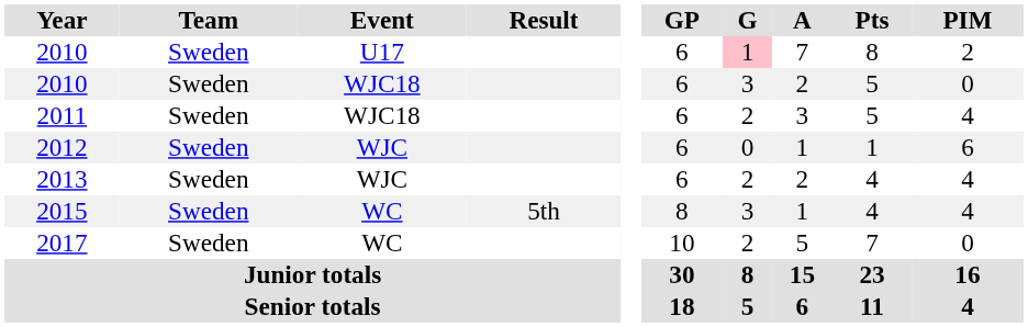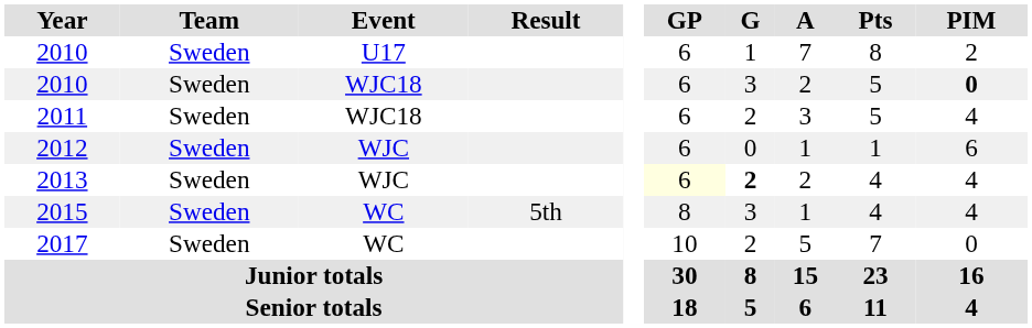 <table border="0" cellpadding="1" cellspacing="0" style="text-align:center; width:40em">
 <tr ALIGN="center" bgcolor="#e0e0e0">
 <th>Year</th>
 <th>Team</th>
 <th>Event</th>
 <th>Result</th>
 <th rowspan="99" bgcolor="#ffffff"> </th>
 <th>GP</th>
 <th>G</th>
 <th>A</th>
 <th>Pts</th>
 <th>PIM</th>
 </tr>
 <tr>
 <td><a href='#'>2010</a></td>
 <td><a href='#'>Sweden</a></td>
 <td><a href='#'>U17</a></td>
 <td></td>
 <td>6</td>
-<td style="background: pink;">1</td>
+<td>1</td>
 <td>7</td>
 <td>8</td>
 <td>2</td>
 </tr>
 <tr bgcolor="#f0f0f0">
 <td><a href='#'>2010</a></td>
 <td>Sweden</td>
 <td><a href='#'>WJC18</a></td>
 <td></td>
 <td>6</td>
 <td>3</td>
 <td>2</td>
 <td>5</td>
-<td>0</td>
+<td><strong>0</strong></td>
 </tr>
 <tr>
 <td><a href='#'>2011</a></td>
 <td>Sweden</td>
 <td>WJC18</td>
 <td></td>
 <td>6</td>
 <td>2</td>
 <td>3</td>
 <td>5</td>
 <td>4</td>
 </tr>
 <tr bgcolor="#f0f0f0">
 <td><a href='#'>2012</a></td>
 <td><a href='#'>Sweden</a></td>
 <td><a href='#'>WJC</a></td>
 <td></td>
 <td>6</td>
 <td>0</td>
 <td>1</td>
 <td>1</td>
 <td>6</td>
 </tr>
 <tr>
 <td><a href='#'>2013</a></td>
 <td>Sweden</td>
 <td>WJC</td>
 <td></td>
-<td>6</td>
-<td>2</td>
+<td style="background: lightyellow;">6</td>
+<td><strong>2</strong></td>
 <td>2</td>
 <td>4</td>
 <td>4</td>
 </tr>
 <tr bgcolor="#f0f0f0">
 <td><a href='#'>2015</a></td>
 <td><a href='#'>Sweden</a></td>
 <td><a href='#'>WC</a></td>
 <td>5th</td>
 <td>8</td>
 <td>3</td>
 <td>1</td>
 <td>4</td>
 <td>4</td>
 </tr>
 <tr>
 <td><a href='#'>2017</a></td>
 <td>Sweden</td>
 <td>WC</td>
 <td></td>
 <td>10</td>
 <td>2</td>
 <td>5</td>
 <td>7</td>
 <td>0</td>
 </tr>
 <tr bgcolor="#e0e0e0">
 <th colspan="4">Junior totals</th>
 <th>30</th>
 <th>8</th>
 <th>15</th>
 <th>23</th>
 <th>16</th>
 </tr>
 <tr bgcolor="#e0e0e0">
 <th colspan="4">Senior totals</th>
 <th>18</th>
 <th>5</th>
 <th>6</th>
 <th>11</th>
 <th>4</th>
 </tr>
 </table>
